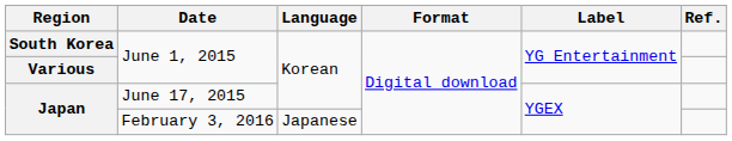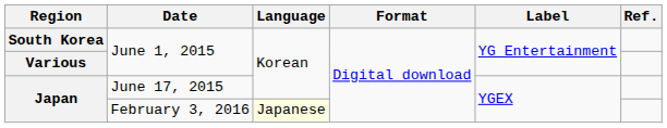 <table class="wikitable plainrowheaders">
 <tr>
 <th scope="col">Region</th>
 <th scope="col">Date</th>
 <th scope="col">Language</th>
 <th scope="col">Format</th>
 <th scope="col">Label</th>
 <th scope="col">Ref.</th>
 </tr>
 <tr>
 <th scope="row">South Korea</th>
 <td rowspan=2>June 1, 2015</td>
 <td rowspan=3>Korean</td>
 <td rowspan=4><a href='#'>Digital download</a></td>
 <td rowspan=2><a href='#'>YG Entertainment</a></td>
 <td></td>
 </tr>
 <tr>
 <th scope="row">Various</th>
 <td align="center"></td>
 </tr>
 <tr>
 <th scope="row" rowspan=2>Japan</th>
 <td>June 17, 2015</td>
 <td rowspan="2"><a href='#'>YGEX</a></td>
 <td align="center"></td>
 </tr>
 <tr>
 <td>February 3, 2016</td>
-<td>Japanese</td>
+<td style="background: lightyellow;">Japanese</td>
 <td></td>
 </tr>
 </table>
